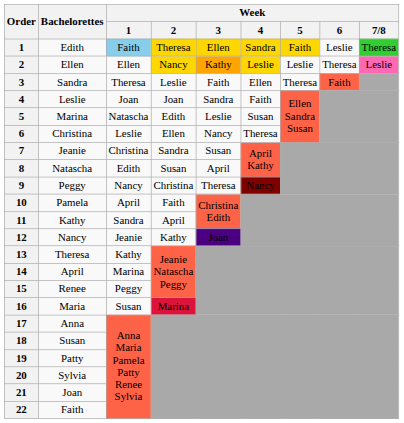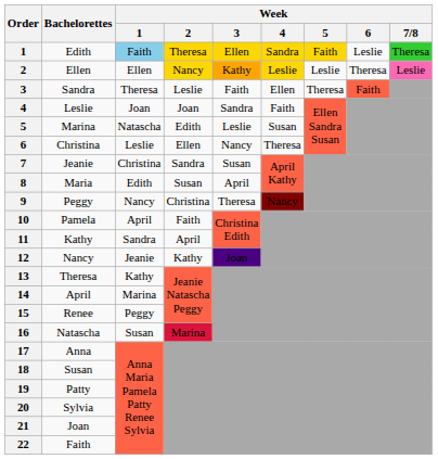 <table class="wikitable nowrap" style="text-align:center">
 <tr>
 <th rowspan="2">Order</th>
 <th rowspan="2">Bachelorettes</th>
 <th colspan="7">Week</th>
 </tr>
 <tr>
 <th>1</th>
 <th>2</th>
 <th>3</th>
 <th>4</th>
 <th>5</th>
 <th>6</th>
 <th>7/8</th>
 </tr>
 <tr>
 <th>1</th>
 <td>Edith</td>
 <td style="background:skyblue">Faith</td>
 <td style="background:gold">Theresa</td>
 <td style="background:gold">Ellen</td>
 <td style="background:gold">Sandra</td>
 <td style="background:gold">Faith</td>
 <td>Leslie</td>
 <td style="background:limegreen">Theresa</td>
 </tr>
 <tr>
 <th>2</th>
 <td>Ellen</td>
 <td>Ellen</td>
 <td style="background:gold">Nancy</td>
 <td style="background:orange">Kathy</td>
 <td style="background:gold">Leslie</td>
 <td>Leslie</td>
 <td>Theresa</td>
 <td style="background:hotpink">Leslie</td>
 </tr>
 <tr>
 <th>3</th>
 <td>Sandra</td>
 <td>Theresa</td>
 <td>Leslie</td>
 <td>Faith</td>
 <td>Ellen</td>
 <td>Theresa</td>
 <td style="background:tomato">Faith</td>
 <td bgcolor="darkgray"></td>
 </tr>
 <tr>
 <th>4</th>
 <td>Leslie</td>
 <td>Joan</td>
 <td>Joan</td>
 <td>Sandra</td>
 <td>Faith</td>
 <td rowspan="3" bgcolor="tomato">Ellen<br>Sandra<br>Susan</td>
 <td rowspan="3" colspan="2" bgcolor="darkgray"></td>
 </tr>
 <tr>
 <th>5</th>
 <td>Marina</td>
 <td>Natascha</td>
 <td>Edith</td>
 <td>Leslie</td>
 <td>Susan</td>
 </tr>
 <tr>
 <th>6</th>
 <td>Christina</td>
 <td>Leslie</td>
 <td>Ellen</td>
 <td>Nancy</td>
 <td>Theresa</td>
 </tr>
 <tr>
 <th>7</th>
 <td>Jeanie</td>
 <td>Christina</td>
 <td>Sandra</td>
 <td>Susan</td>
 <td rowspan="2" bgcolor="tomato">April<br>Kathy</td>
 <td rowspan="3" colspan="3" bgcolor="darkgray"></td>
 </tr>
 <tr>
 <th>8</th>
-<td>Natascha</td>
+<td>Maria</td>
 <td>Edith</td>
 <td>Susan</td>
 <td>April</td>
 </tr>
 <tr>
 <th>9</th>
 <td>Peggy</td>
 <td>Nancy</td>
 <td>Christina</td>
 <td>Theresa</td>
 <td bgcolor="maroon"><span>Nancy</span></td>
 </tr>
 <tr>
 <th>10</th>
 <td>Pamela</td>
 <td>April</td>
 <td>Faith</td>
 <td rowspan="2" bgcolor="tomato">Christina<br>Edith</td>
 <td rowspan="3" colspan="4" bgcolor="darkgray"></td>
 </tr>
 <tr>
 <th>11</th>
 <td>Kathy</td>
 <td>Sandra</td>
 <td>April</td>
 </tr>
 <tr>
 <th>12</th>
 <td>Nancy</td>
 <td>Jeanie</td>
 <td>Kathy</td>
 <td bgcolor="indigo"><span>Joan</span></td>
 </tr>
 <tr>
 <th>13</th>
 <td>Theresa</td>
 <td>Kathy</td>
 <td rowspan="3" bgcolor="tomato">Jeanie<br>Natascha<br>Peggy</td>
 <td rowspan="4" colspan="5" bgcolor="darkgray"></td>
 </tr>
 <tr>
 <th>14</th>
 <td>April</td>
 <td>Marina</td>
 </tr>
 <tr>
 <th>15</th>
 <td>Renee</td>
 <td>Peggy</td>
 </tr>
 <tr>
 <th>16</th>
-<td>Maria</td>
+<td>Natascha</td>
 <td>Susan</td>
 <td bgcolor="crimson"><span>Marina</span></td>
 </tr>
 <tr>
 <th>17</th>
 <td>Anna</td>
 <td rowspan="6" bgcolor="tomato">Anna<br>Maria<br>Pamela<br>Patty<br>Renee<br>Sylvia</td>
 <td rowspan="6" colspan="6" bgcolor="darkgray"></td>
 </tr>
 <tr>
 <th>18</th>
 <td>Susan</td>
 </tr>
 <tr>
 <th>19</th>
 <td>Patty</td>
 </tr>
 <tr>
 <th>20</th>
 <td>Sylvia</td>
 </tr>
 <tr>
 <th>21</th>
 <td>Joan</td>
 </tr>
 <tr>
 <th>22</th>
 <td>Faith</td>
 </tr>
 </table>
